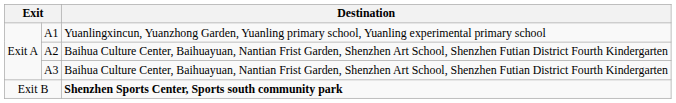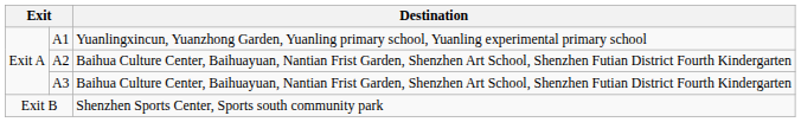 <table class="wikitable">
 <tr>
 <th style="width:70px" colspan="2">Exit</th>
 <th>Destination</th>
 </tr>
 <tr>
 <td align="center" rowspan="3">Exit A</td>
 <td>A1</td>
 <td>Yuanlingxincun, Yuanzhong Garden, Yuanling primary school, Yuanling experimental primary school</td>
 </tr>
 <tr>
 <td>A2</td>
 <td>Baihua Culture Center, Baihuayuan, Nantian Frist Garden, Shenzhen Art School, Shenzhen Futian District Fourth Kindergarten</td>
 </tr>
 <tr>
 <td>A3</td>
 <td>Baihua Culture Center, Baihuayuan, Nantian Frist Garden, Shenzhen Art School, Shenzhen Futian District Fourth Kindergarten</td>
 </tr>
 <tr>
 <td align="center" colspan="2">Exit B</td>
-<td><strong>Shenzhen Sports Center, Sports south community park</strong></td>
+<td>Shenzhen Sports Center, Sports south community park</td>
 </tr>
 </table>
